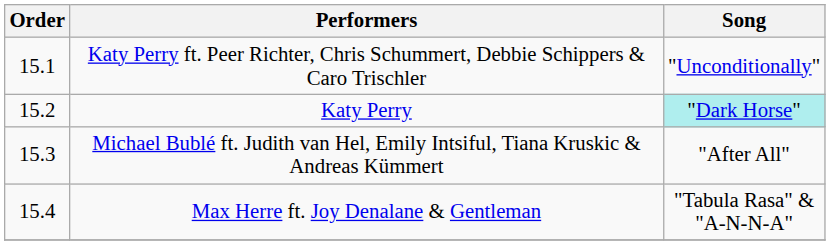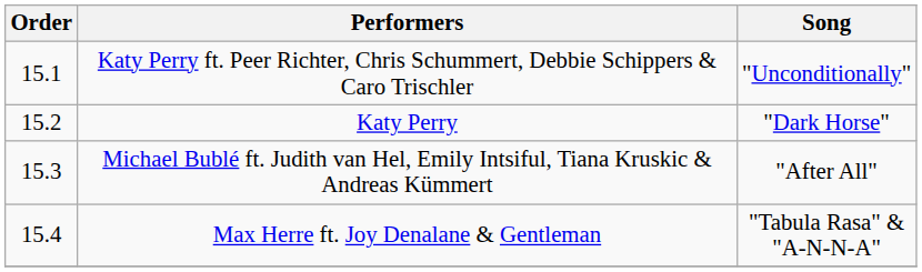 <table class="wikitable" style="text-align:center; width:50%;">
 <tr>
 <th>Order</th>
 <th>Performers</th>
 <th>Song</th>
 </tr>
 <tr>
 <td>15.1</td>
 <td><a href='#'>Katy Perry</a> ft. Peer Richter, Chris Schummert, Debbie Schippers & Caro Trischler</td>
 <td>"<a href='#'>Unconditionally</a>"</td>
 </tr>
 <tr>
 <td>15.2</td>
 <td><a href='#'>Katy Perry</a></td>
-<td style="background: paleturquoise;">"<a href='#'>Dark Horse</a>"</td>
+<td>"<a href='#'>Dark Horse</a>"</td>
 </tr>
 <tr>
 <td>15.3</td>
 <td><a href='#'>Michael Bublé</a> ft. Judith van Hel, Emily Intsiful, Tiana Kruskic & Andreas Kümmert</td>
 <td>"After All"</td>
 </tr>
 <tr>
 <td>15.4</td>
 <td><a href='#'>Max Herre</a> ft. <a href='#'>Joy Denalane</a> & <a href='#'>Gentleman</a></td>
 <td>"Tabula Rasa" &<br> "A-N-N-A"</td>
 </tr>
 <tr>
 </tr>
 </table>
